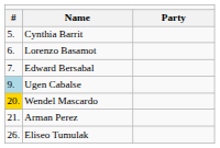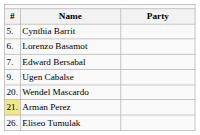 <table class=wikitable style="font-size:90%">
 <tr>
 <td colspan=4 bgcolor=></td>
 </tr>
 <tr>
 <th>#</th>
 <th width=150px>Name</th>
 <th colspan=2 width=110px>Party</th>
 </tr>
 <tr>
 <td>5.</td>
 <td>Cynthia Barrit</td>
 <td></td>
 </tr>
 <tr>
 <td>6.</td>
 <td>Lorenzo Basamot</td>
 <td></td>
 </tr>
 <tr>
 <td>7.</td>
 <td>Edward Bersabal</td>
 <td></td>
 </tr>
 <tr>
-<td style="background: lightblue;">9.</td>
+<td>9.</td>
 <td>Ugen Cabalse</td>
 <td></td>
 </tr>
 <tr>
-<td style="background: gold;">20.</td>
+<td>20.</td>
 <td>Wendel Mascardo</td>
 <td></td>
 </tr>
 <tr>
-<td>21.</td>
+<td style="background: khaki;">21.</td>
 <td>Arman Perez</td>
 <td></td>
 </tr>
 <tr>
 <td>26.</td>
 <td>Eliseo Tumulak</td>
 <td></td>
 </tr>
 </table>
